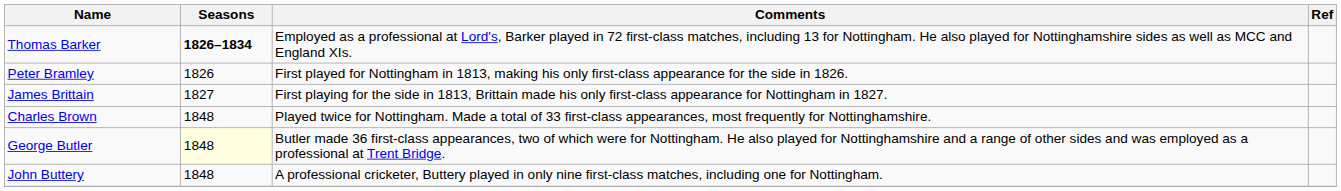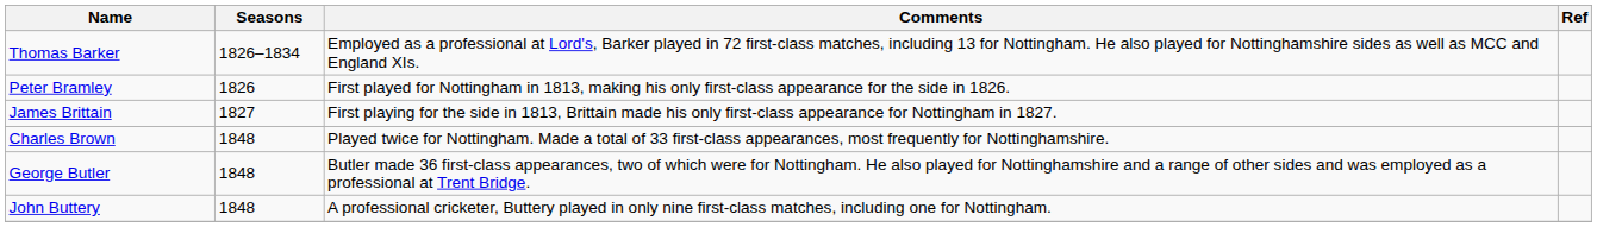 <table class="wikitable">
 <tr>
 <th style="width:200px">Name</th>
 <th style="width: 100px">Seasons</th>
 <th>Comments</th>
 <th>Ref</th>
 </tr>
 <tr>
 <td><a href='#'>Thomas Barker</a></td>
-<td><strong>1826–1834</strong></td>
+<td>1826–1834</td>
 <td>Employed as a professional at <a href='#'>Lord's</a>, Barker played in 72 first-class matches, including 13 for Nottingham. He also played for Nottinghamshire sides as well as MCC and England XIs.</td>
 <td></td>
 </tr>
 <tr>
 <td><a href='#'>Peter Bramley</a></td>
 <td>1826</td>
 <td>First played for Nottingham in 1813, making his only first-class appearance for the side in 1826.</td>
 <td></td>
 </tr>
 <tr>
 <td><a href='#'>James Brittain</a></td>
 <td>1827</td>
 <td>First playing for the side in 1813, Brittain made his only first-class appearance for Nottingham in 1827.</td>
 <td></td>
 </tr>
 <tr>
 <td><a href='#'>Charles Brown</a></td>
 <td>1848</td>
 <td>Played twice for Nottingham. Made a total of 33 first-class appearances, most frequently for Nottinghamshire.</td>
 <td></td>
 </tr>
 <tr>
 <td><a href='#'>George Butler</a></td>
-<td style="background: lightyellow;">1848</td>
+<td>1848</td>
 <td>Butler made 36 first-class appearances, two of which were for Nottingham. He also played for Nottinghamshire and a range of other sides and was employed as a professional at <a href='#'>Trent Bridge</a>.</td>
 <td></td>
 </tr>
 <tr>
 <td><a href='#'>John Buttery</a></td>
 <td>1848</td>
 <td>A professional cricketer, Buttery played in only nine first-class matches, including one for Nottingham.</td>
 <td></td>
 </tr>
 <tr>
 </tr>
 </table>
